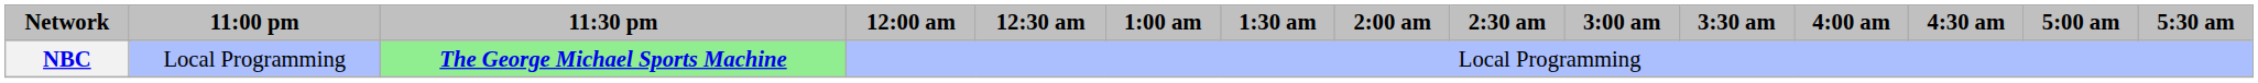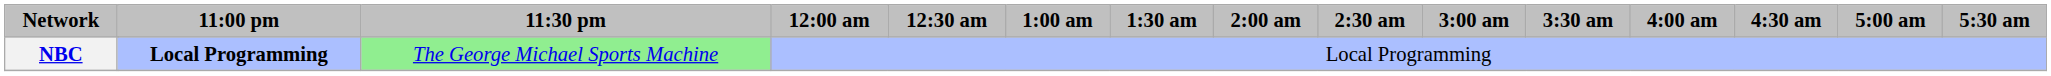 <table class="wikitable" style="width:100%;margin-right:0;text-align:center">
 <tr>
 <th style="background-color:#C0C0C0;text-align:center" colspan="2">Network</th>
 <th style="background-color:#C0C0C0;text-align:center">11:00 pm</th>
 <th style="background-color:#C0C0C0;text-align:center">11:30 pm</th>
 <th style="background-color:#C0C0C0;text-align:center">12:00 am</th>
 <th style="background-color:#C0C0C0;text-align:center">12:30 am</th>
 <th style="background-color:#C0C0C0;text-align:center">1:00 am</th>
 <th style="background-color:#C0C0C0;text-align:center">1:30 am</th>
 <th style="background-color:#C0C0C0;text-align:center">2:00 am</th>
 <th style="background-color:#C0C0C0;text-align:center">2:30 am</th>
 <th style="background-color:#C0C0C0;text-align:center">3:00 am</th>
 <th style="background-color:#C0C0C0;text-align:center">3:30 am</th>
 <th style="background-color:#C0C0C0;text-align:center">4:00 am</th>
 <th style="background-color:#C0C0C0;text-align:center">4:30 am</th>
 <th style="background-color:#C0C0C0;text-align:center">5:00 am</th>
 <th style="background-color:#C0C0C0;text-align:center">5:30 am</th>
 </tr>
 <tr>
 <th colspan="2"><a href='#'>NBC</a></th>
-<td style="background:#abbfff">Local Programming</td>
-<td colspan="1" style="background:lightgreen"><strong><em><a href='#'>The George Michael Sports Machine</a></em></strong></td>
+<td style="background:#abbfff"><strong>Local Programming</strong></td>
+<td colspan="1" style="background:lightgreen"><em><a href='#'>The George Michael Sports Machine</a></em></td>
 <td colspan="12" style="background:#abbfff">Local Programming</td>
 </tr>
 <tr>
 </tr>
 </table>
